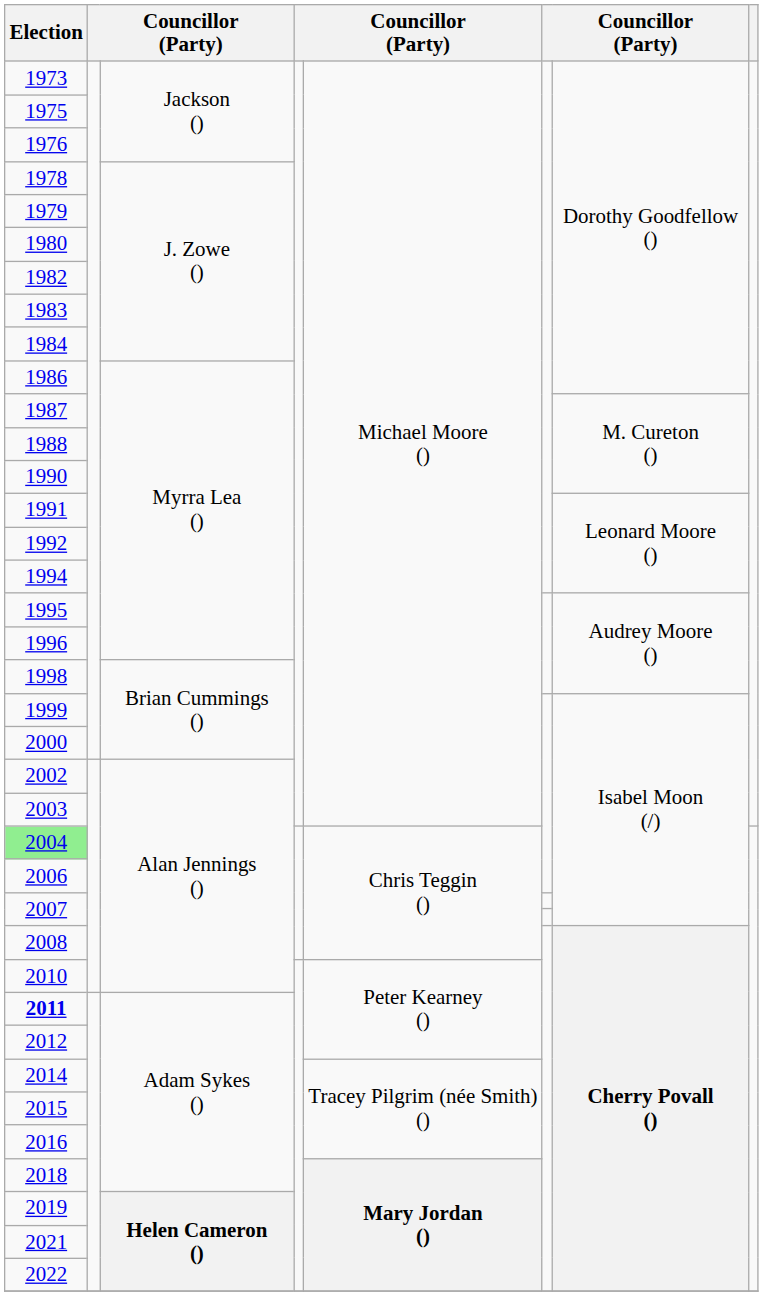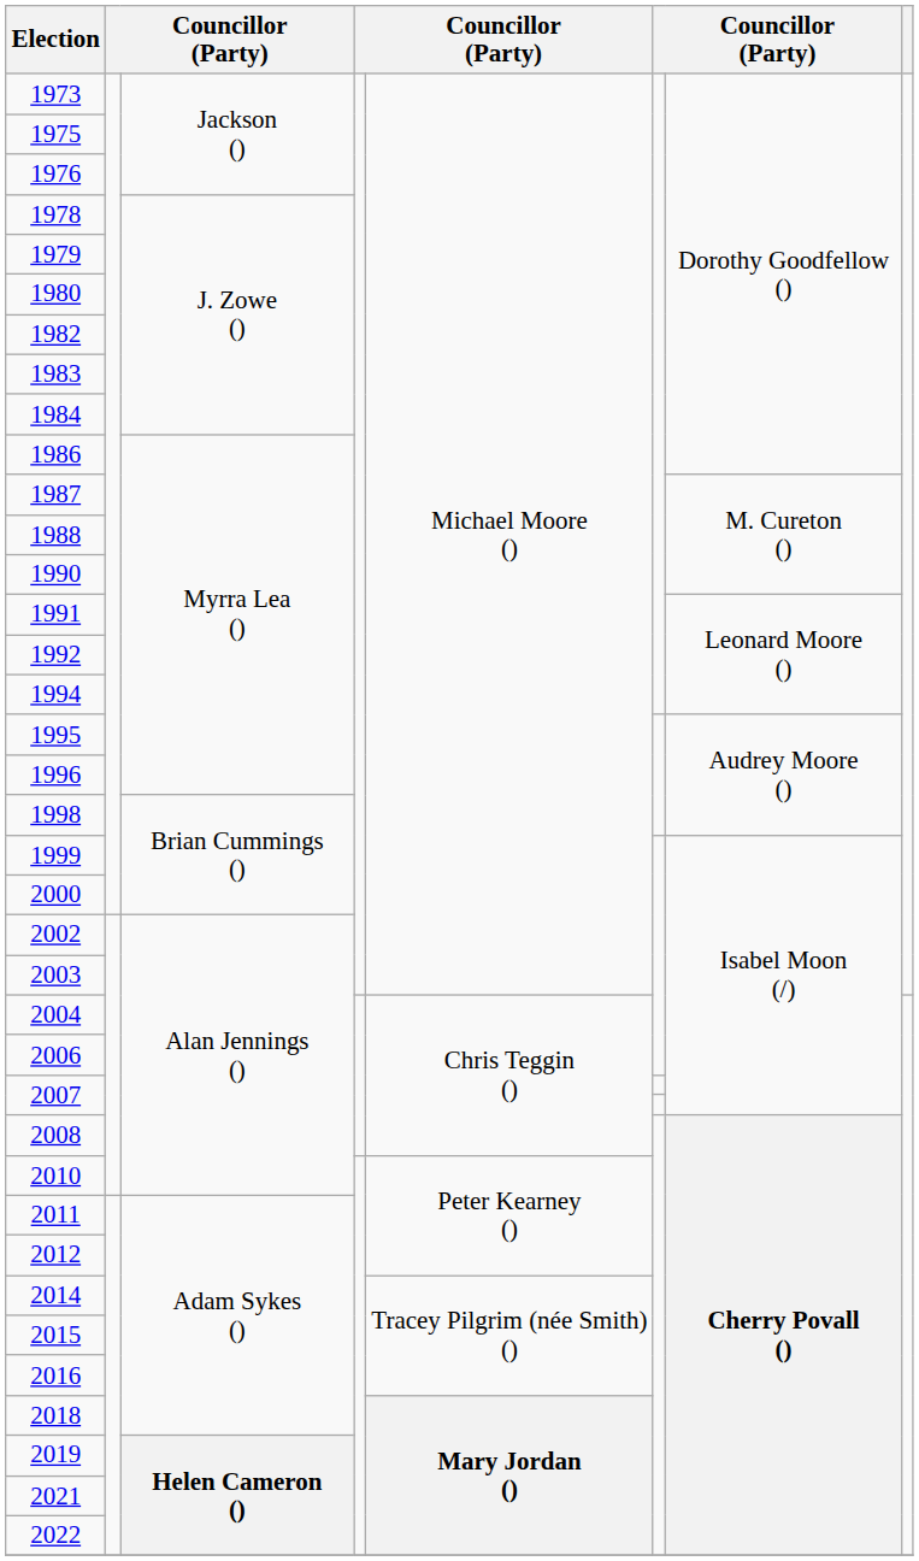 <table class="wikitable" style="text-align:center">
 <tr>
 <th>Election</th>
 <th scope="col" width="150" colspan = "2">Councillor<br> (Party)</th>
 <th scope="col" width="150" colspan = "2">Councillor<br> (Party)</th>
 <th scope="col" width="150" colspan = "2">Councillor<br> (Party)</th>
 <th></th>
 </tr>
 <tr>
 <td><a href='#'>1973</a></td>
 <td rowspan=21 style="background-color: "></td>
 <td rowspan=3>Jackson<br>(<a href='#'></a>)</td>
 <td rowspan=23 style="background-color: "></td>
 <td rowspan=23>Michael Moore<br>(<a href='#'></a>)</td>
 <td rowspan=16 style="background-color: "></td>
 <td rowspan=10>Dorothy Goodfellow<br>(<a href='#'></a>)</td>
 <td rowspan=23></td>
 </tr>
 <tr>
 <td><a href='#'>1975</a></td>
 </tr>
 <tr>
 <td><a href='#'>1976</a></td>
 </tr>
 <tr>
 <td><a href='#'>1978</a></td>
 <td rowspan=6>J. Zowe<br>(<a href='#'></a>)</td>
 </tr>
 <tr>
 <td><a href='#'>1979</a></td>
 </tr>
 <tr>
 <td><a href='#'>1980</a></td>
 </tr>
 <tr>
 <td><a href='#'>1982</a></td>
 </tr>
 <tr>
 <td><a href='#'>1983</a></td>
 </tr>
 <tr>
 <td><a href='#'>1984</a></td>
 </tr>
 <tr>
 <td><a href='#'>1986</a></td>
 <td rowspan=9>Myrra Lea<br>(<a href='#'></a>)</td>
 </tr>
 <tr>
 <td><a href='#'>1987</a></td>
 <td rowspan=3>M. Cureton<br>(<a href='#'></a>)</td>
 </tr>
 <tr>
 <td><a href='#'>1988</a></td>
 </tr>
 <tr>
 <td><a href='#'>1990</a></td>
 </tr>
 <tr>
 <td><a href='#'>1991</a></td>
 <td rowspan=3>Leonard Moore<br>(<a href='#'></a>)</td>
 </tr>
 <tr>
 <td><a href='#'>1992</a></td>
 </tr>
 <tr>
 <td><a href='#'>1994</a></td>
 </tr>
 <tr>
 <td><a href='#'>1995</a></td>
 <td rowspan=3 style="background-color: "></td>
 <td rowspan=3>Audrey Moore<br>(<a href='#'></a>)</td>
 </tr>
 <tr>
 <td><a href='#'>1996</a></td>
 </tr>
 <tr>
 <td><a href='#'>1998</a></td>
 <td rowspan=3>Brian Cummings<br>(<a href='#'></a>)</td>
 </tr>
 <tr>
 <td><a href='#'>1999</a></td>
 <td rowspan=6 style="background-color: "></td>
 <td rowspan=8>Isabel Moon<br>(<a href='#'></a>/<a href='#'></a>)</td>
 </tr>
 <tr>
 <td><a href='#'>2000</a></td>
 </tr>
 <tr>
 <td><a href='#'>2002</a></td>
 <td rowspan=8 style="background-color: "></td>
 <td rowspan=8>Alan Jennings<br>(<a href='#'></a>)</td>
 </tr>
 <tr>
 <td><a href='#'>2003</a></td>
 </tr>
 <tr>
-<td style="background: lightgreen;"><a href='#'>2004</a></td>
+<td><a href='#'>2004</a></td>
 <td rowspan=5 style="background-color: "></td>
 <td rowspan=5>Chris Teggin<br>(<a href='#'></a>)</td>
 <td rowspan=15></td>
 </tr>
 <tr>
 <td><a href='#'>2006</a></td>
 </tr>
 <tr>
 <td rowspan=2><a href='#'>2007</a></td>
 <td style="background-color: "></td>
 </tr>
 <tr>
 <td style="background-color: "></td>
 </tr>
 <tr>
 <td><a href='#'>2008</a></td>
 <td rowspan=11 style="background-color: "></td>
 <th rowspan=11>Cherry Povall<br>(<a href='#'></a>)</th>
 </tr>
 <tr>
 <td><a href='#'>2010</a></td>
 <td rowspan=10 style="background-color: "></td>
 <td rowspan=3>Peter Kearney<br>(<a href='#'></a>)</td>
 </tr>
 <tr>
-<td><strong><a href='#'>2011</a></strong></td>
+<td><a href='#'>2011</a></td>
 <td rowspan=9 style="background-color: "></td>
 <td rowspan=6>Adam Sykes<br>(<a href='#'></a>)</td>
 </tr>
 <tr>
 <td><a href='#'>2012</a></td>
 </tr>
 <tr>
 <td><a href='#'>2014</a></td>
 <td rowspan=3>Tracey Pilgrim (née Smith)<br>(<a href='#'></a>)</td>
 </tr>
 <tr>
 <td><a href='#'>2015</a></td>
 </tr>
 <tr>
 <td><a href='#'>2016</a></td>
 </tr>
 <tr>
 <td><a href='#'>2018</a></td>
 <th rowspan=4>Mary Jordan<br>(<a href='#'></a>)</th>
 </tr>
 <tr>
 <td><a href='#'>2019</a></td>
 <th rowspan=3>Helen Cameron<br>(<a href='#'></a>)</th>
 </tr>
 <tr>
 <td><a href='#'>2021</a></td>
 </tr>
 <tr>
 <td><a href='#'>2022</a></td>
 </tr>
 <tr>
 </tr>
 </table>
